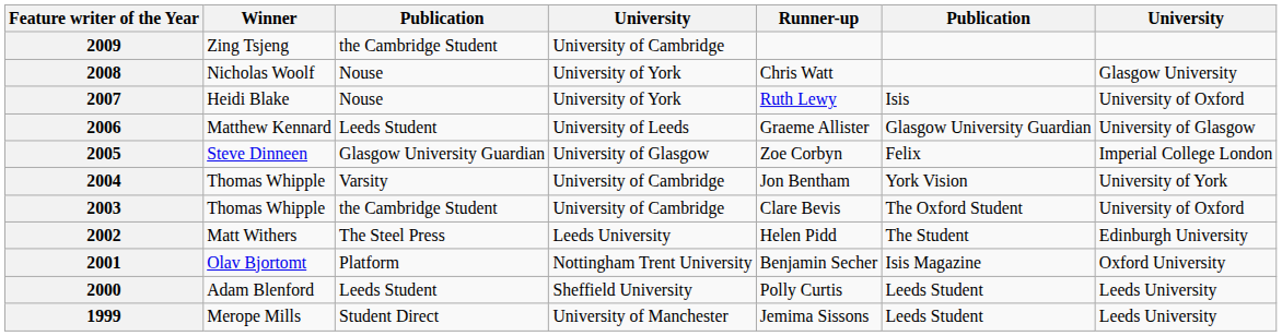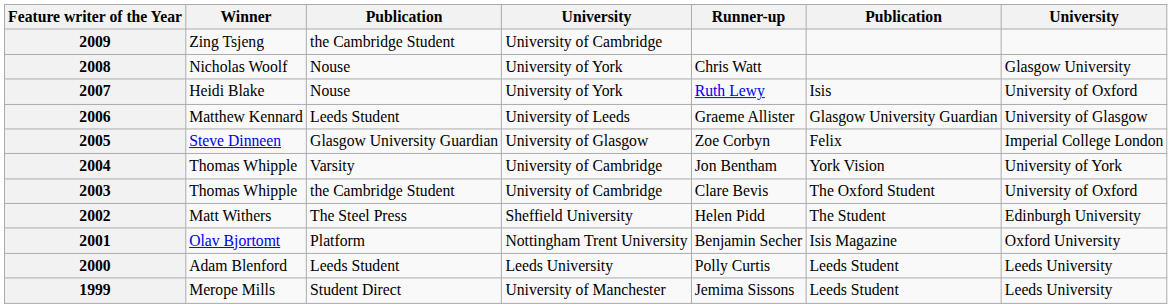 <table class="wikitable" style="font-align: center">
 <tr>
 <th>Feature writer of the Year</th>
 <th>Winner</th>
 <th>Publication</th>
 <th>University</th>
 <th>Runner-up</th>
 <th>Publication</th>
 <th>University</th>
 </tr>
 <tr>
 <th>2009</th>
 <td>Zing Tsjeng</td>
 <td>the Cambridge Student</td>
 <td>University of Cambridge</td>
 <td></td>
 <td></td>
 <td></td>
 </tr>
 <tr>
 <th>2008</th>
 <td>Nicholas Woolf</td>
 <td>Nouse</td>
 <td>University of York</td>
 <td>Chris Watt</td>
 <td></td>
 <td>Glasgow University</td>
 </tr>
 <tr>
 <th>2007</th>
 <td>Heidi Blake</td>
 <td>Nouse</td>
 <td>University of York</td>
 <td><a href='#'>Ruth Lewy</a></td>
 <td>Isis</td>
 <td>University of Oxford</td>
 </tr>
 <tr>
 <th>2006</th>
 <td>Matthew Kennard</td>
 <td>Leeds Student</td>
 <td>University of Leeds</td>
 <td>Graeme Allister</td>
 <td>Glasgow University Guardian</td>
 <td>University of Glasgow</td>
 </tr>
 <tr>
 <th>2005</th>
 <td><a href='#'>Steve Dinneen</a></td>
 <td>Glasgow University Guardian</td>
 <td>University of Glasgow</td>
 <td>Zoe Corbyn</td>
 <td>Felix</td>
 <td>Imperial College London</td>
 </tr>
 <tr>
 <th>2004</th>
 <td>Thomas Whipple</td>
 <td>Varsity</td>
 <td>University of Cambridge</td>
 <td>Jon Bentham</td>
 <td>York Vision</td>
 <td>University of York</td>
 </tr>
 <tr>
 <th>2003</th>
 <td>Thomas Whipple</td>
 <td>the Cambridge Student</td>
 <td>University of Cambridge</td>
 <td>Clare Bevis</td>
 <td>The Oxford Student</td>
 <td>University of Oxford</td>
 </tr>
 <tr>
 <th>2002</th>
 <td>Matt Withers</td>
 <td>The Steel Press</td>
-<td>Leeds University</td>
+<td>Sheffield University</td>
 <td>Helen Pidd</td>
 <td>The Student</td>
 <td>Edinburgh University</td>
 </tr>
 <tr>
 <th>2001</th>
 <td><a href='#'>Olav Bjortomt</a></td>
 <td>Platform</td>
 <td>Nottingham Trent University</td>
 <td>Benjamin Secher</td>
 <td>Isis Magazine</td>
 <td>Oxford University</td>
 </tr>
 <tr>
 <th>2000</th>
 <td>Adam Blenford</td>
 <td>Leeds Student</td>
-<td>Sheffield University</td>
+<td>Leeds University</td>
 <td>Polly Curtis</td>
 <td>Leeds Student</td>
 <td>Leeds University</td>
 </tr>
 <tr>
 <th>1999</th>
 <td>Merope Mills</td>
 <td>Student Direct</td>
 <td>University of Manchester</td>
 <td>Jemima Sissons</td>
 <td>Leeds Student</td>
 <td>Leeds University</td>
 </tr>
 </table>
